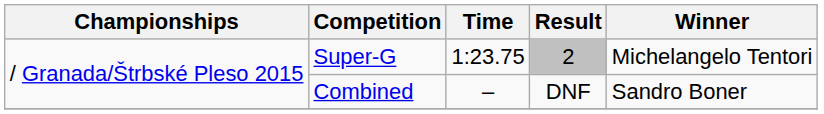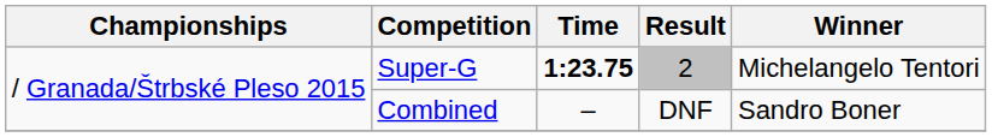 <table class="wikitable">
 <tr>
 <th>Championships</th>
 <th>Competition</th>
 <th>Time</th>
 <th>Result</th>
 <th>Winner</th>
 </tr>
 <tr>
 <td rowspan="2"> /  <a href='#'>Granada/Štrbské Pleso 2015</a></td>
 <td><a href='#'>Super-G</a></td>
-<td>1:23.75</td>
+<td><strong>1:23.75</strong></td>
 <td style="background:silver;" align=center>2</td>
 <td>  Michelangelo Tentori</td>
 </tr>
 <tr>
 <td><a href='#'>Combined</a></td>
 <td style="text-align:center;">–</td>
 <td style="text-align:center;">DNF</td>
 <td>  Sandro Boner</td>
 </tr>
 <tr>
 </tr>
 </table>
